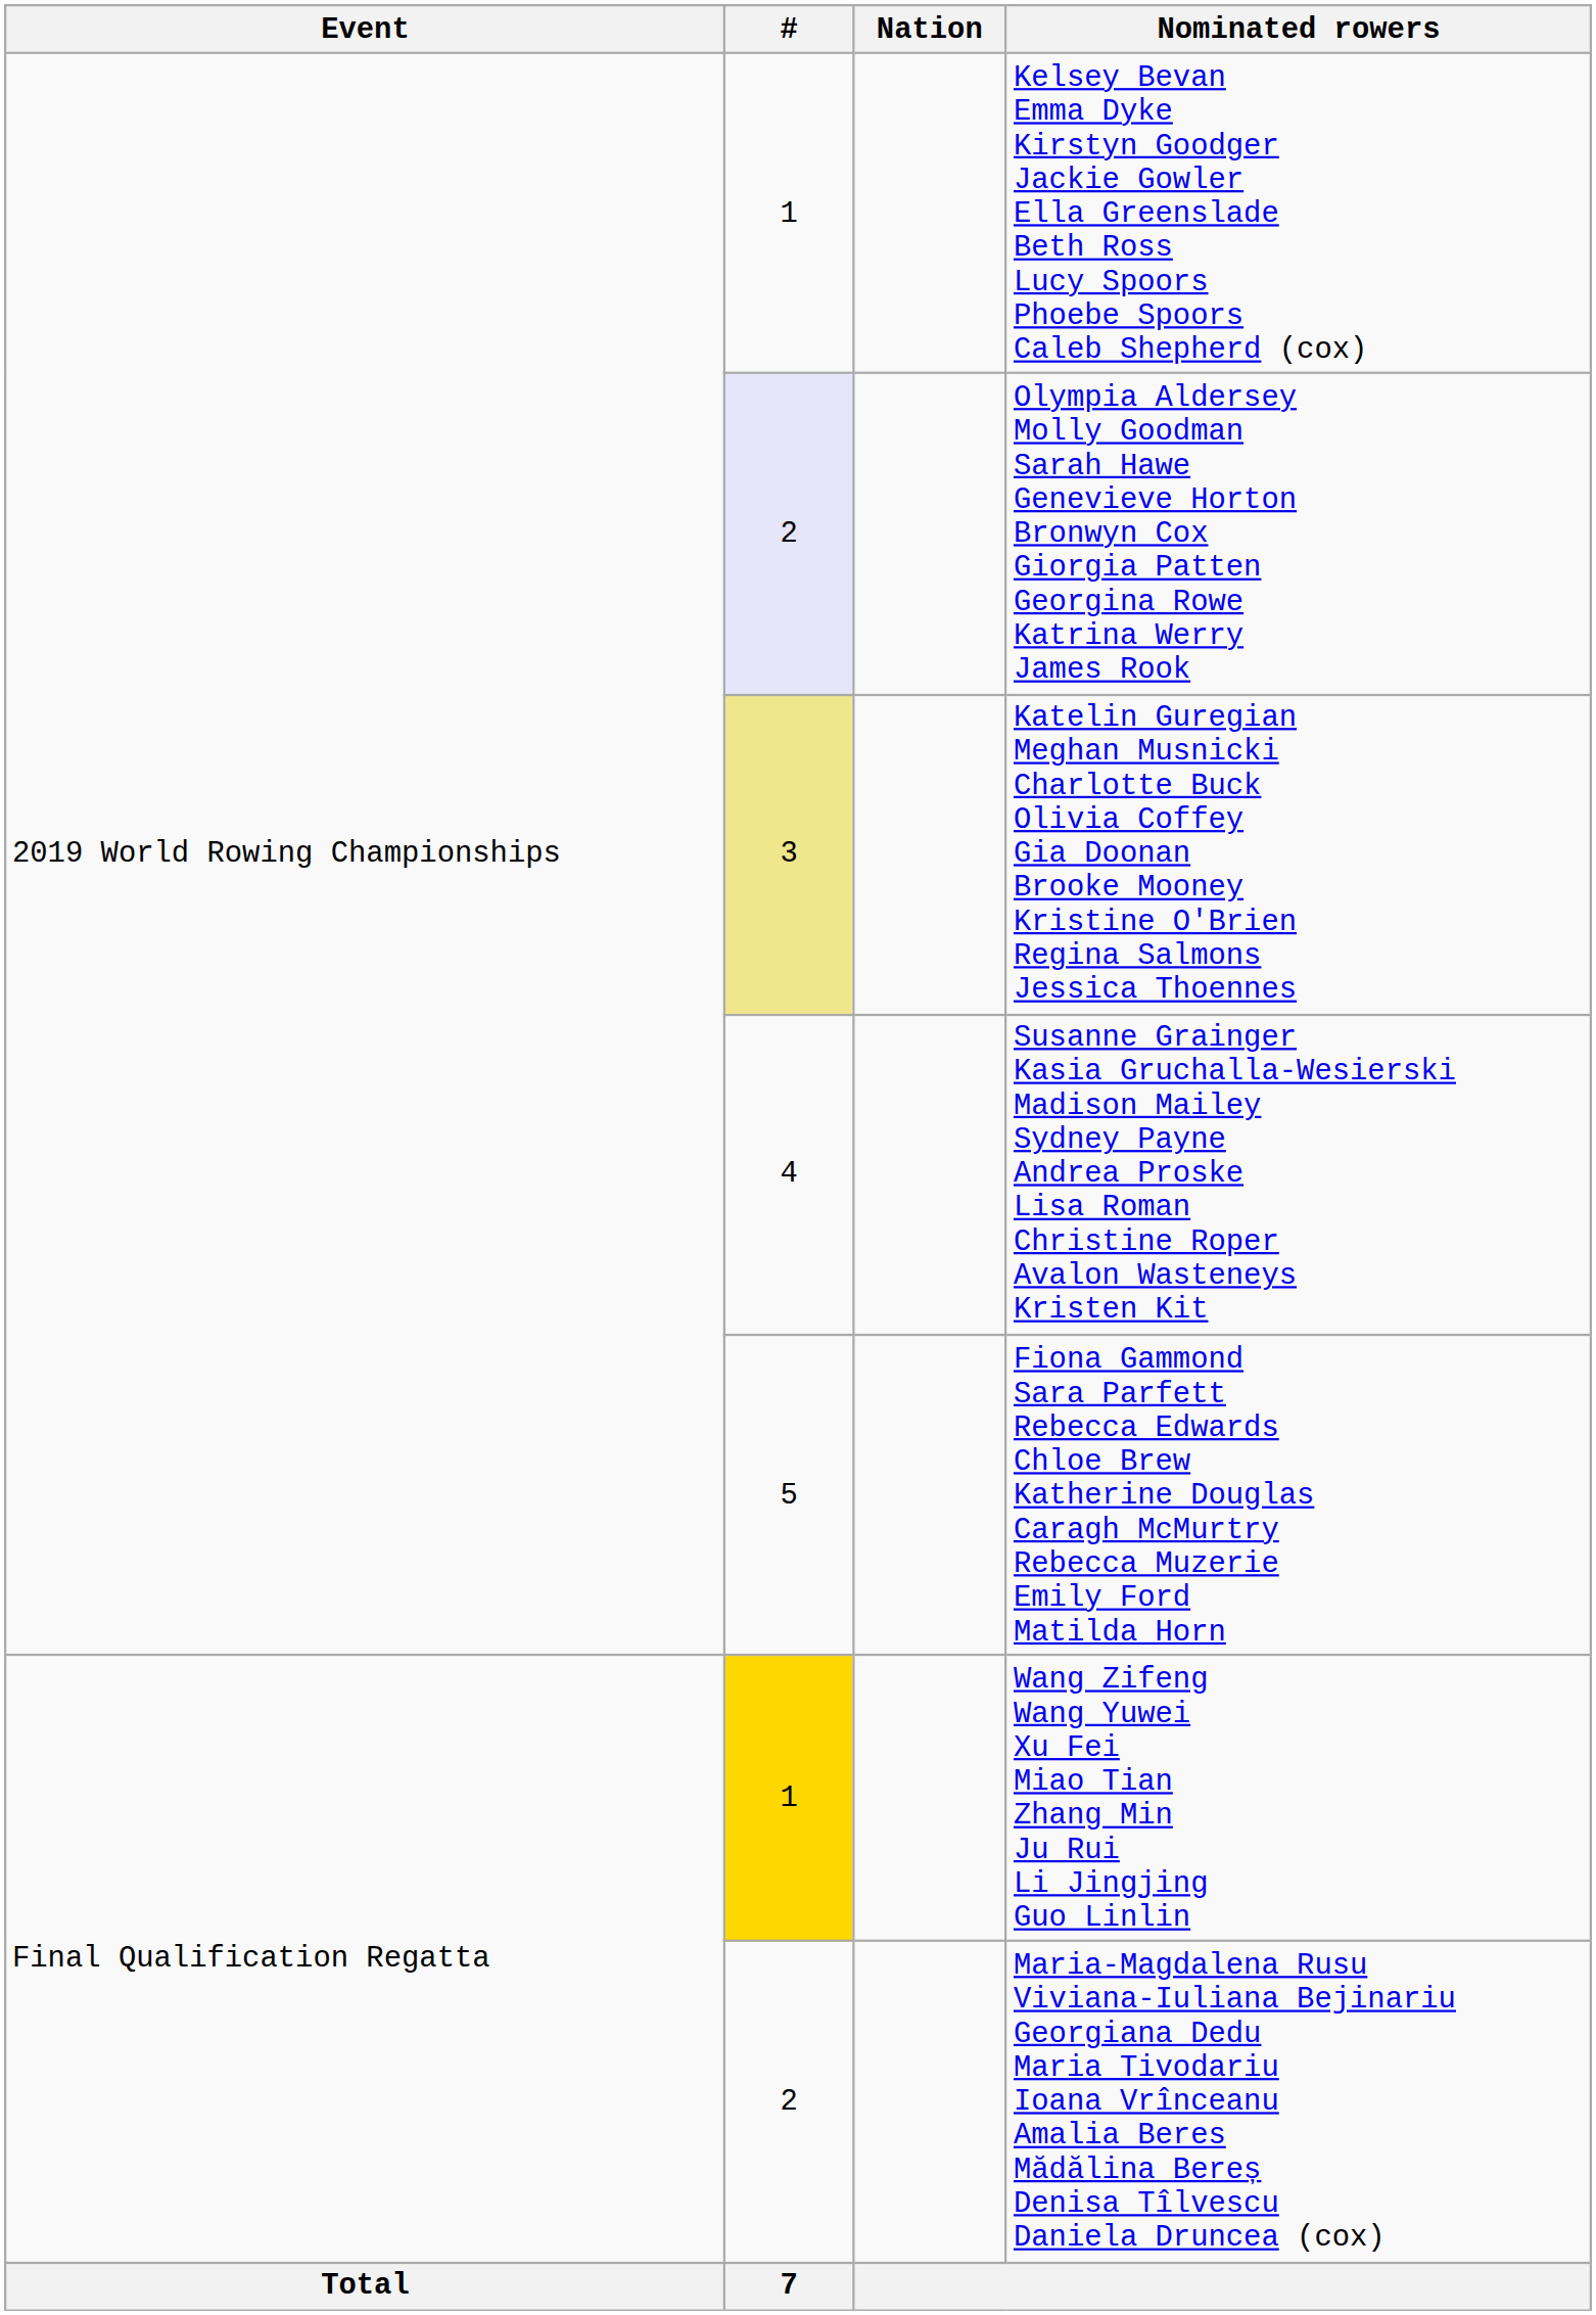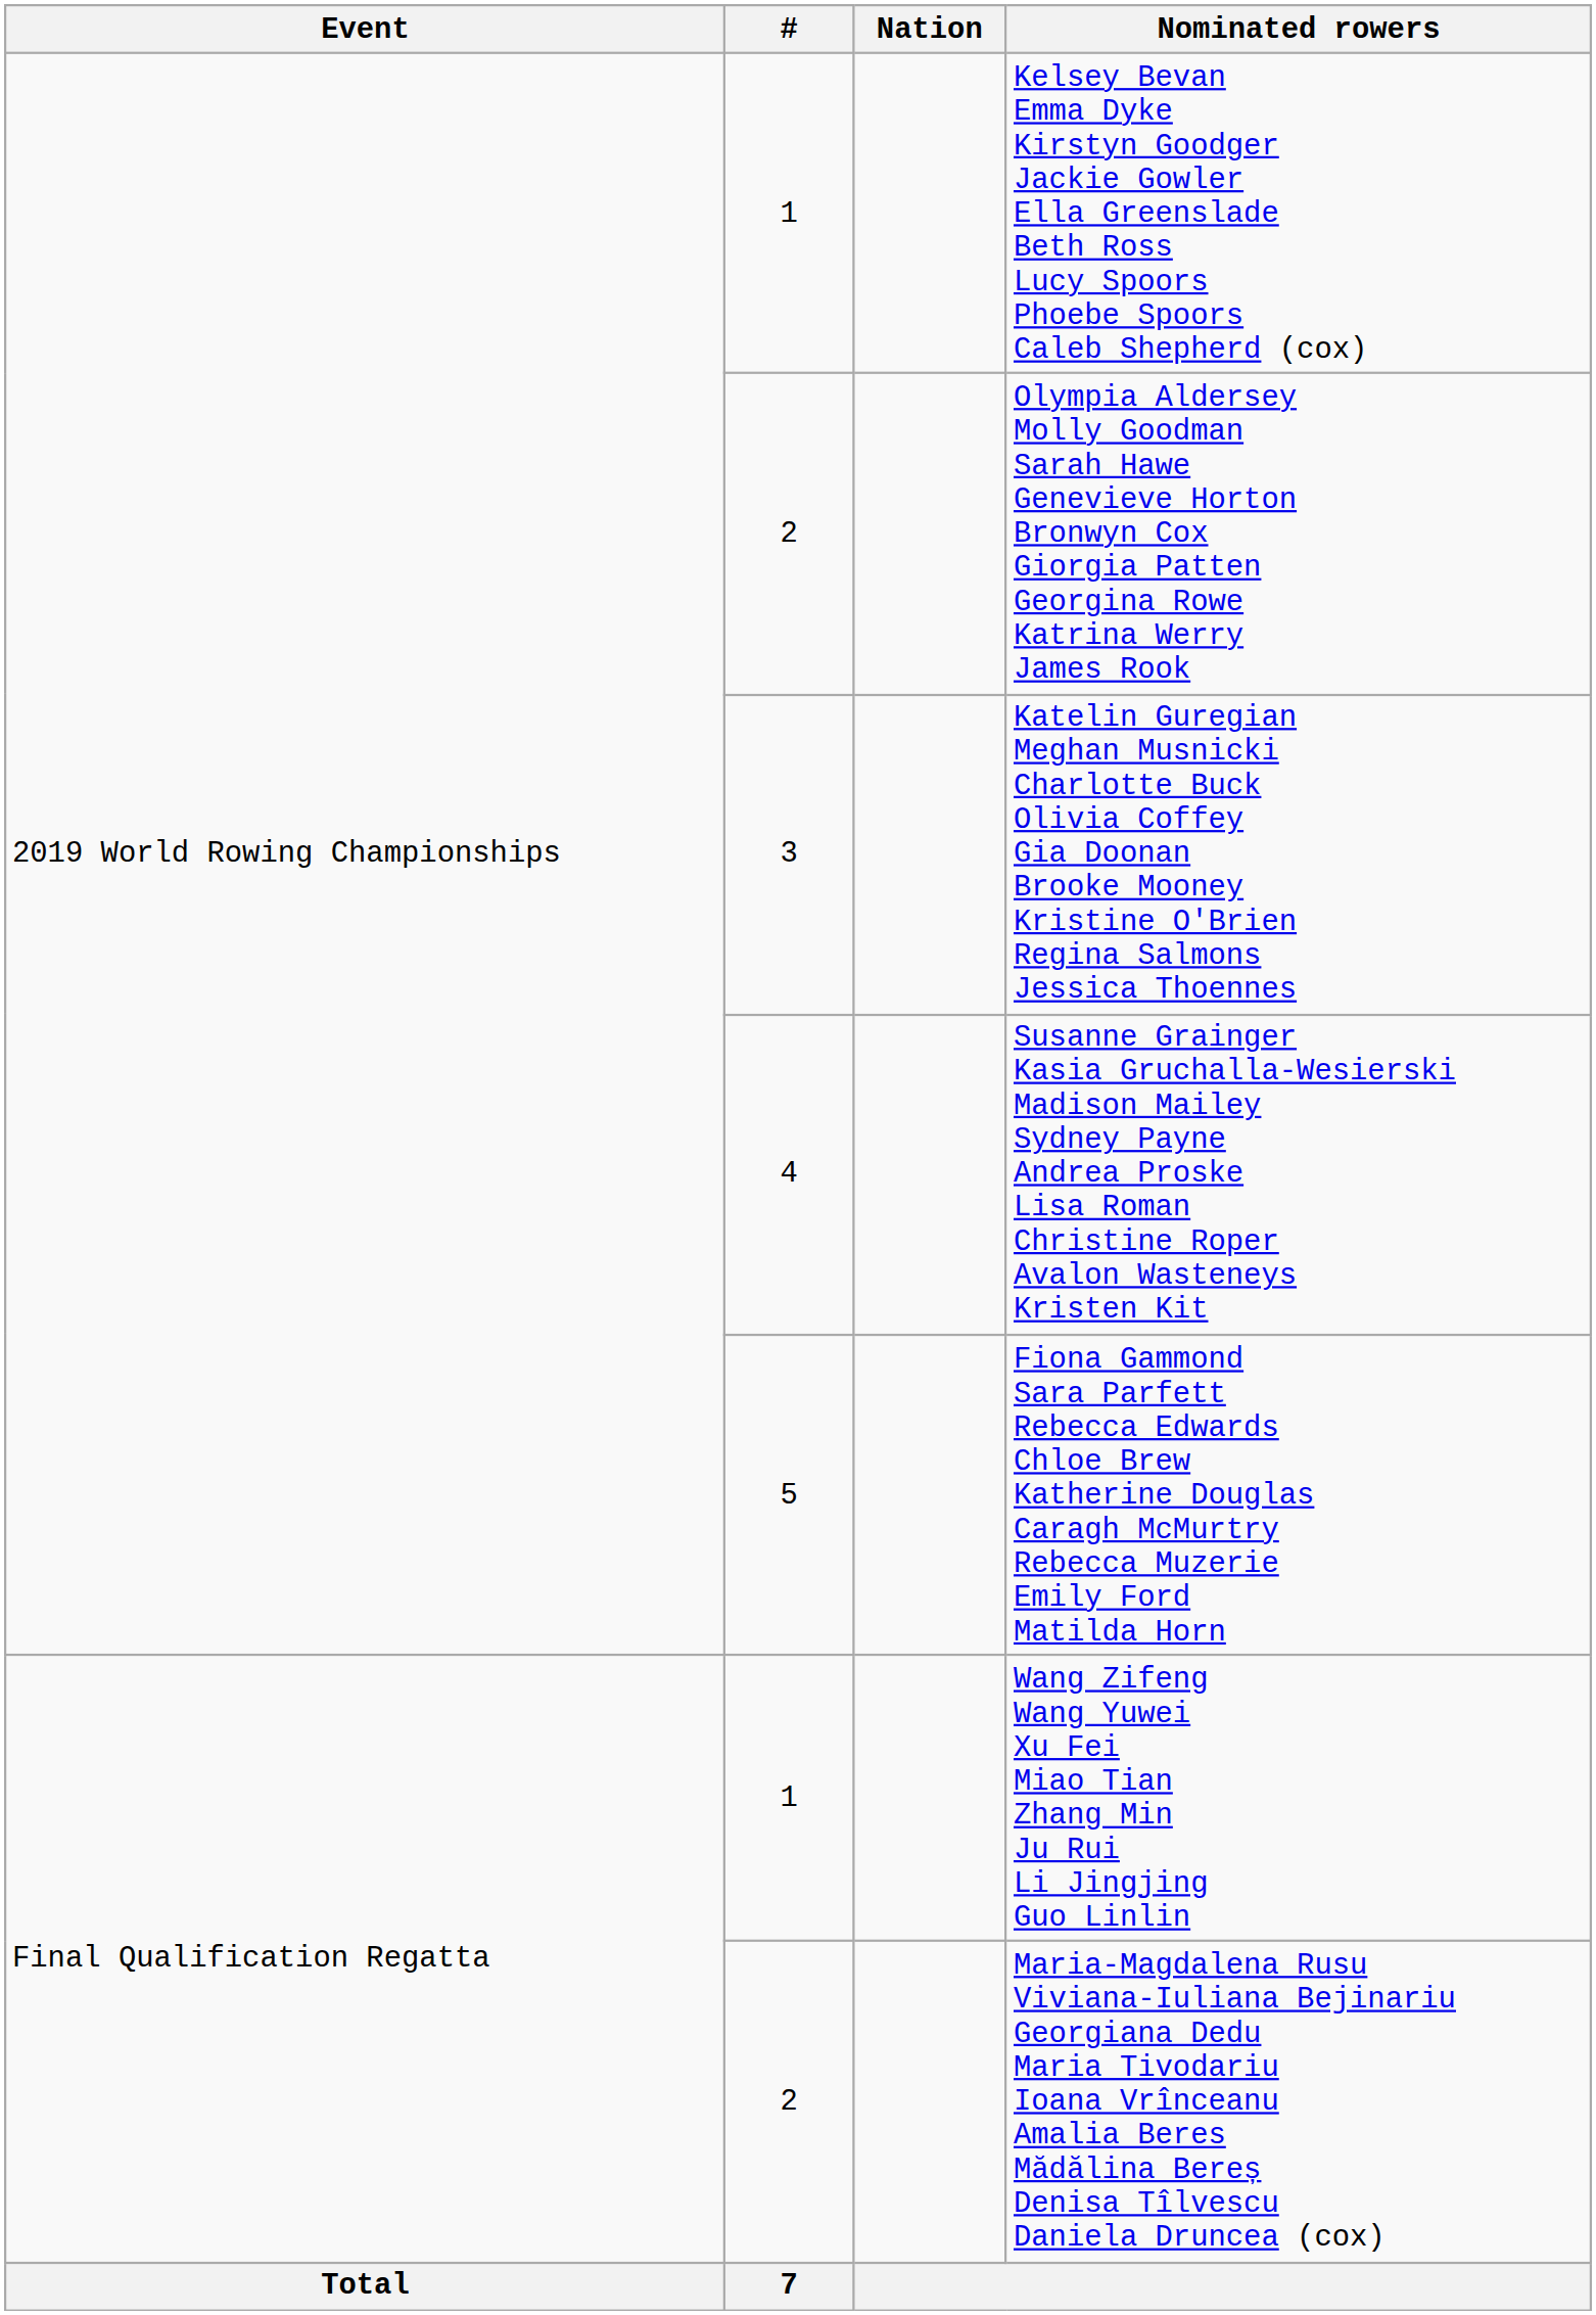 <table class="wikitable"  style="width:700px; text-align:center;">
 <tr>
 <th>Event</th>
 <th width=50>#</th>
 <th>Nation</th>
 <th>Nominated rowers</th>
 </tr>
 <tr>
 <td rowspan=5 align=left>2019 World Rowing Championships</td>
 <td>1</td>
 <td align=left></td>
 <td align=left><a href='#'>Kelsey Bevan</a><br><a href='#'>Emma Dyke</a><br><a href='#'>Kirstyn Goodger</a><br><a href='#'>Jackie Gowler</a><br><a href='#'>Ella Greenslade</a><br><a href='#'>Beth Ross</a><br><a href='#'>Lucy Spoors</a><br><a href='#'>Phoebe Spoors</a><br><a href='#'>Caleb Shepherd</a> (cox)</td>
 </tr>
 <tr>
-<td style="background: lavender;">2</td>
+<td>2</td>
 <td align=left></td>
 <td align=left><a href='#'>Olympia Aldersey</a><br><a href='#'>Molly Goodman</a><br><a href='#'>Sarah Hawe</a><br><a href='#'>Genevieve Horton</a><br><a href='#'>Bronwyn Cox</a><br><a href='#'>Giorgia Patten</a><br><a href='#'>Georgina Rowe</a><br><a href='#'>Katrina Werry</a><br><a href='#'>James Rook</a></td>
 </tr>
 <tr>
-<td style="background: khaki;">3</td>
+<td>3</td>
 <td align=left></td>
 <td align=left><a href='#'>Katelin Guregian</a><br><a href='#'>Meghan Musnicki</a><br><a href='#'>Charlotte Buck</a><br><a href='#'>Olivia Coffey</a><br><a href='#'>Gia Doonan</a><br><a href='#'>Brooke Mooney</a><br><a href='#'>Kristine O'Brien</a><br><a href='#'>Regina Salmons</a><br><a href='#'>Jessica Thoennes</a></td>
 </tr>
 <tr>
 <td>4</td>
 <td align=left></td>
 <td align=left><a href='#'>Susanne Grainger</a><br><a href='#'>Kasia Gruchalla-Wesierski</a><br><a href='#'>Madison Mailey</a><br><a href='#'>Sydney Payne</a><br><a href='#'>Andrea Proske</a><br><a href='#'>Lisa Roman</a><br><a href='#'>Christine Roper</a><br><a href='#'>Avalon Wasteneys</a><br><a href='#'>Kristen Kit</a></td>
 </tr>
 <tr>
 <td>5</td>
 <td align=left></td>
 <td align=left><a href='#'>Fiona Gammond</a><br><a href='#'>Sara Parfett</a><br><a href='#'>Rebecca Edwards</a><br><a href='#'>Chloe Brew</a><br><a href='#'>Katherine Douglas</a><br><a href='#'>Caragh McMurtry</a><br><a href='#'>Rebecca Muzerie</a><br><a href='#'>Emily Ford</a><br><a href='#'>Matilda Horn</a></td>
 </tr>
 <tr>
 <td rowspan=2 align=left>Final Qualification Regatta</td>
-<td style="background: gold;">1</td>
+<td>1</td>
 <td align=left></td>
 <td align=left><a href='#'>Wang Zifeng</a><br><a href='#'>Wang Yuwei</a><br><a href='#'>Xu Fei</a><br><a href='#'>Miao Tian</a><br><a href='#'>Zhang Min</a><br><a href='#'>Ju Rui</a><br><a href='#'>Li Jingjing</a><br><a href='#'>Guo Linlin</a></td>
 </tr>
 <tr>
 <td>2</td>
 <td align=left></td>
 <td align=left><a href='#'>Maria-Magdalena Rusu</a><br><a href='#'>Viviana-Iuliana Bejinariu</a><br><a href='#'>Georgiana Dedu</a><br><a href='#'>Maria Tivodariu</a><br><a href='#'>Ioana Vrînceanu</a><br><a href='#'>Amalia Beres</a><br><a href='#'>Mădălina Bereș</a><br><a href='#'>Denisa Tîlvescu</a><br><a href='#'>Daniela Druncea</a> (cox)</td>
 </tr>
 <tr>
 <th>Total</th>
 <th>7</th>
 <th colspan=2></th>
 </tr>
 </table>
